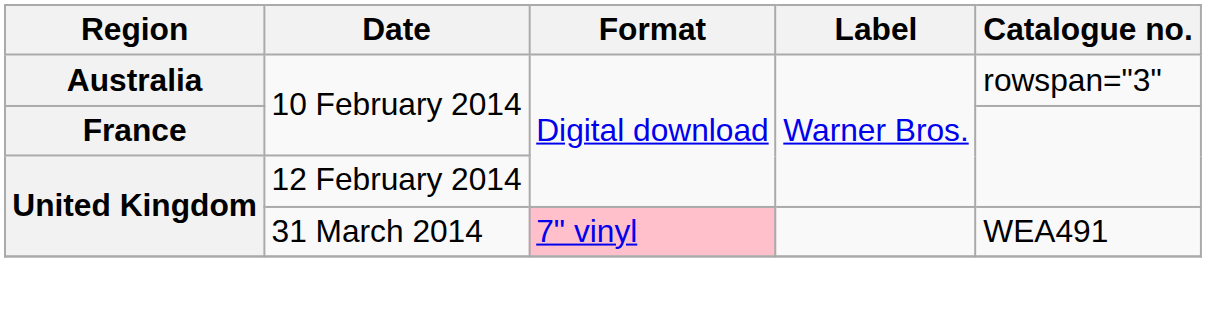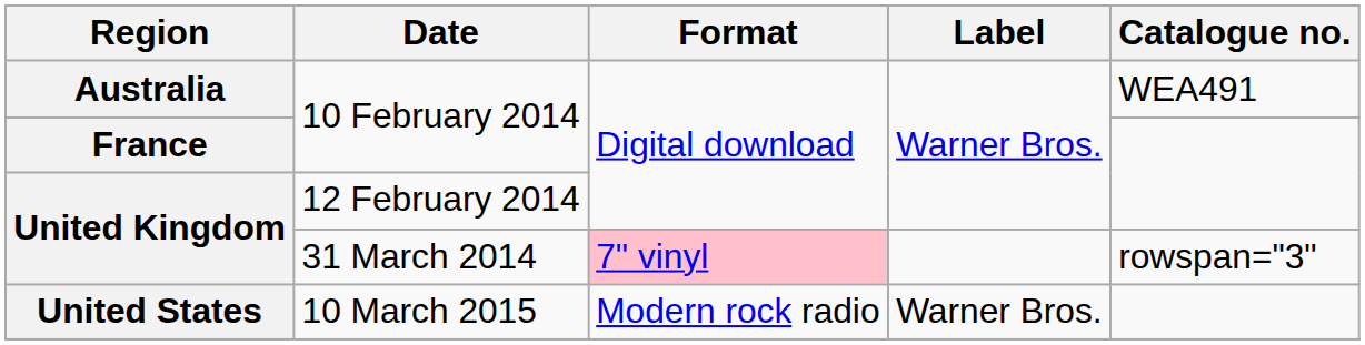 <table class="wikitable sortable plainrowheaders">
 <tr>
 <th scope="col">Region</th>
 <th scope="col">Date</th>
 <th scope="col">Format</th>
 <th scope="col">Label</th>
 <th scope="col" class="unsortable">Catalogue no.</th>
 </tr>
 <tr>
 <th scope="row">Australia</th>
 <td rowspan="2">10 February 2014</td>
 <td rowspan="3"><a href='#'>Digital download</a></td>
 <td rowspan="3"><a href='#'>Warner Bros.</a></td>
-<td>rowspan="3" </td>
+<td>WEA491</td>
 </tr>
 <tr>
 <th scope="row">France</th>
 </tr>
 <tr>
 <th scope="row" rowspan="2">United Kingdom</th>
 <td>12 February 2014</td>
 </tr>
 <tr>
 <td>31 March 2014</td>
 <td style="background: pink;"><a href='#'>7" vinyl</a></td>
 <td></td>
-<td>WEA491</td>
+<td>rowspan="3" </td>
+</tr>
+<tr>
+<th scope="row">United States</th>
+<td>10 March 2015</td>
+<td><a href='#'>Modern rock</a> radio</td>
+<td>Warner Bros.</td>
+<td></td>
 </tr>
 <tr>
 </tr>
 </table>
